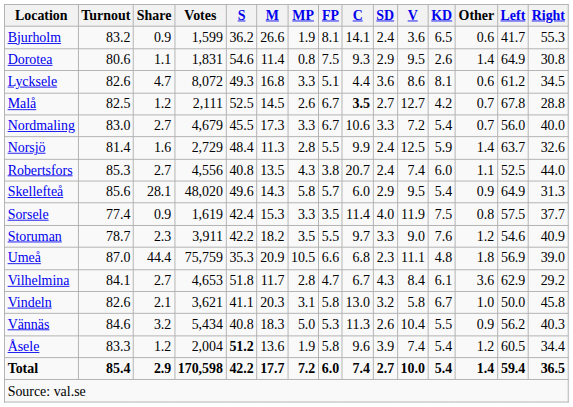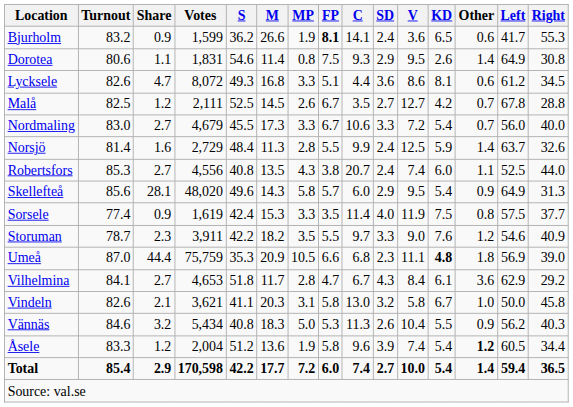 <table class="wikitable sortable" style=text-align:right>
 <tr>
 <th>Location</th>
 <th>Turnout</th>
 <th>Share</th>
 <th>Votes</th>
 <th><a href='#'>S</a></th>
 <th><a href='#'>M</a></th>
 <th><a href='#'>MP</a></th>
 <th><a href='#'>FP</a></th>
 <th><a href='#'>C</a></th>
 <th><a href='#'>SD</a></th>
 <th><a href='#'>V</a></th>
 <th><a href='#'>KD</a></th>
 <th>Other</th>
 <th><a href='#'>Left</a></th>
 <th><a href='#'>Right</a></th>
 </tr>
 <tr>
 <td align=left><a href='#'>Bjurholm</a></td>
 <td>83.2</td>
 <td>0.9</td>
 <td>1,599</td>
 <td>36.2</td>
 <td>26.6</td>
 <td>1.9</td>
-<td>8.1</td>
+<td><strong>8.1</strong></td>
 <td>14.1</td>
 <td>2.4</td>
 <td>3.6</td>
 <td>6.5</td>
 <td>0.6</td>
 <td>41.7</td>
 <td>55.3</td>
 </tr>
 <tr>
 <td align=left><a href='#'>Dorotea</a></td>
 <td>80.6</td>
 <td>1.1</td>
 <td>1,831</td>
 <td>54.6</td>
 <td>11.4</td>
 <td>0.8</td>
 <td>7.5</td>
 <td>9.3</td>
 <td>2.9</td>
 <td>9.5</td>
 <td>2.6</td>
 <td>1.4</td>
 <td>64.9</td>
 <td>30.8</td>
 </tr>
 <tr>
 <td align=left><a href='#'>Lycksele</a></td>
 <td>82.6</td>
 <td>4.7</td>
 <td>8,072</td>
 <td>49.3</td>
 <td>16.8</td>
 <td>3.3</td>
 <td>5.1</td>
 <td>4.4</td>
 <td>3.6</td>
 <td>8.6</td>
 <td>8.1</td>
 <td>0.6</td>
 <td>61.2</td>
 <td>34.5</td>
 </tr>
 <tr>
 <td align=left><a href='#'>Malå</a></td>
 <td>82.5</td>
 <td>1.2</td>
 <td>2,111</td>
 <td>52.5</td>
 <td>14.5</td>
 <td>2.6</td>
 <td>6.7</td>
-<td><strong>3.5</strong></td>
+<td>3.5</td>
 <td>2.7</td>
 <td>12.7</td>
 <td>4.2</td>
 <td>0.7</td>
 <td>67.8</td>
 <td>28.8</td>
 </tr>
 <tr>
 <td align=left><a href='#'>Nordmaling</a></td>
 <td>83.0</td>
 <td>2.7</td>
 <td>4,679</td>
 <td>45.5</td>
 <td>17.3</td>
 <td>3.3</td>
 <td>6.7</td>
 <td>10.6</td>
 <td>3.3</td>
 <td>7.2</td>
 <td>5.4</td>
 <td>0.7</td>
 <td>56.0</td>
 <td>40.0</td>
 </tr>
 <tr>
 <td align=left><a href='#'>Norsjö</a></td>
 <td>81.4</td>
 <td>1.6</td>
 <td>2,729</td>
 <td>48.4</td>
 <td>11.3</td>
 <td>2.8</td>
 <td>5.5</td>
 <td>9.9</td>
 <td>2.4</td>
 <td>12.5</td>
 <td>5.9</td>
 <td>1.4</td>
 <td>63.7</td>
 <td>32.6</td>
 </tr>
 <tr>
 <td align=left><a href='#'>Robertsfors</a></td>
 <td>85.3</td>
 <td>2.7</td>
 <td>4,556</td>
 <td>40.8</td>
 <td>13.5</td>
 <td>4.3</td>
 <td>3.8</td>
 <td>20.7</td>
 <td>2.4</td>
 <td>7.4</td>
 <td>6.0</td>
 <td>1.1</td>
 <td>52.5</td>
 <td>44.0</td>
 </tr>
 <tr>
 <td align=left><a href='#'>Skellefteå</a></td>
 <td>85.6</td>
 <td>28.1</td>
 <td>48,020</td>
 <td>49.6</td>
 <td>14.3</td>
 <td>5.8</td>
 <td>5.7</td>
 <td>6.0</td>
 <td>2.9</td>
 <td>9.5</td>
 <td>5.4</td>
 <td>0.9</td>
 <td>64.9</td>
 <td>31.3</td>
 </tr>
 <tr>
 <td align=left><a href='#'>Sorsele</a></td>
 <td>77.4</td>
 <td>0.9</td>
 <td>1,619</td>
 <td>42.4</td>
 <td>15.3</td>
 <td>3.3</td>
 <td>3.5</td>
 <td>11.4</td>
 <td>4.0</td>
 <td>11.9</td>
 <td>7.5</td>
 <td>0.8</td>
 <td>57.5</td>
 <td>37.7</td>
 </tr>
 <tr>
 <td align=left><a href='#'>Storuman</a></td>
 <td>78.7</td>
 <td>2.3</td>
 <td>3,911</td>
 <td>42.2</td>
 <td>18.2</td>
 <td>3.5</td>
 <td>5.5</td>
 <td>9.7</td>
 <td>3.3</td>
 <td>9.0</td>
 <td>7.6</td>
 <td>1.2</td>
 <td>54.6</td>
 <td>40.9</td>
 </tr>
 <tr>
 <td align=left><a href='#'>Umeå</a></td>
 <td>87.0</td>
 <td>44.4</td>
 <td>75,759</td>
 <td>35.3</td>
 <td>20.9</td>
 <td>10.5</td>
 <td>6.6</td>
 <td>6.8</td>
 <td>2.3</td>
 <td>11.1</td>
-<td>4.8</td>
+<td><strong>4.8</strong></td>
 <td>1.8</td>
 <td>56.9</td>
 <td>39.0</td>
 </tr>
 <tr>
 <td align=left><a href='#'>Vilhelmina</a></td>
 <td>84.1</td>
 <td>2.7</td>
 <td>4,653</td>
 <td>51.8</td>
 <td>11.7</td>
 <td>2.8</td>
 <td>4.7</td>
 <td>6.7</td>
 <td>4.3</td>
 <td>8.4</td>
 <td>6.1</td>
 <td>3.6</td>
 <td>62.9</td>
 <td>29.2</td>
 </tr>
 <tr>
 <td align=left><a href='#'>Vindeln</a></td>
 <td>82.6</td>
 <td>2.1</td>
 <td>3,621</td>
 <td>41.1</td>
 <td>20.3</td>
 <td>3.1</td>
 <td>5.8</td>
 <td>13.0</td>
 <td>3.2</td>
 <td>5.8</td>
 <td>6.7</td>
 <td>1.0</td>
 <td>50.0</td>
 <td>45.8</td>
 </tr>
 <tr>
 <td align=left><a href='#'>Vännäs</a></td>
 <td>84.6</td>
 <td>3.2</td>
 <td>5,434</td>
 <td>40.8</td>
 <td>18.3</td>
 <td>5.0</td>
 <td>5.3</td>
 <td>11.3</td>
 <td>2.6</td>
 <td>10.4</td>
 <td>5.5</td>
 <td>0.9</td>
 <td>56.2</td>
 <td>40.3</td>
 </tr>
 <tr>
 <td align=left><a href='#'>Åsele</a></td>
 <td>83.3</td>
 <td>1.2</td>
 <td>2,004</td>
-<td><strong>51.2</strong></td>
+<td>51.2</td>
 <td>13.6</td>
 <td>1.9</td>
 <td>5.8</td>
 <td>9.6</td>
 <td>3.9</td>
 <td>7.4</td>
 <td>5.4</td>
-<td>1.2</td>
+<td><strong>1.2</strong></td>
 <td>60.5</td>
 <td>34.4</td>
 </tr>
 <tr>
 <td align=left><strong>Total</strong></td>
 <td><strong>85.4</strong></td>
 <td><strong>2.9</strong></td>
 <td><strong>170,598</strong></td>
 <td><strong>42.2</strong></td>
 <td><strong>17.7</strong></td>
 <td><strong>7.2</strong></td>
 <td><strong>6.0</strong></td>
 <td><strong>7.4</strong></td>
 <td><strong>2.7</strong></td>
 <td><strong>10.0</strong></td>
 <td><strong>5.4</strong></td>
 <td><strong>1.4</strong></td>
 <td><strong>59.4</strong></td>
 <td><strong>36.5</strong></td>
 </tr>
 <tr>
 <td align=left colspan=15>Source: val.se </td>
 </tr>
 </table>
